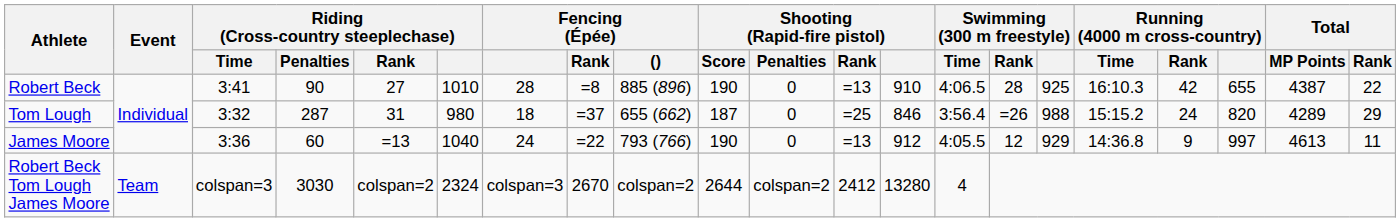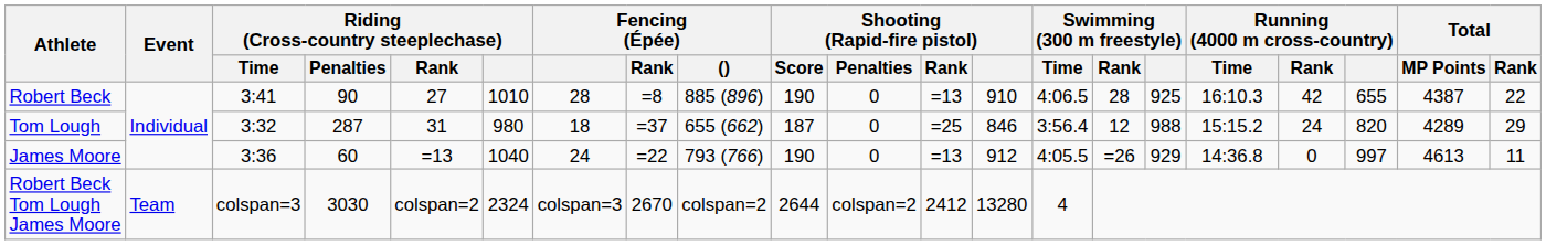 <table class=wikitable style=font-size:90%;text-align:center>
 <tr>
 <th rowspan=2>Athlete</th>
 <th rowspan=2>Event</th>
 <th colspan=4>Riding<br><span>(Cross-country steeplechase)</span></th>
 <th colspan=3>Fencing<br><span>(Épée)</span></th>
 <th colspan=4>Shooting<br><span>(Rapid-fire pistol)</span></th>
 <th colspan=3>Swimming<br><span>(300 m freestyle)</span></th>
 <th colspan=3>Running<br><span>(4000 m cross-country)</span></th>
 <th colspan=2>Total</th>
 </tr>
 <tr style=font-size:95%>
 <th>Time</th>
 <th>Penalties</th>
 <th>Rank</th>
 <th></th>
 <th></th>
 <th>Rank</th>
 <th> (<em></em>)</th>
 <th>Score</th>
 <th>Penalties</th>
 <th>Rank</th>
 <th></th>
 <th>Time</th>
 <th>Rank</th>
 <th></th>
 <th>Time</th>
 <th>Rank</th>
 <th></th>
 <th>MP Points</th>
 <th>Rank</th>
 </tr>
 <tr>
 <td align=left><a href='#'>Robert Beck</a></td>
 <td align=left rowspan=3><a href='#'>Individual</a></td>
 <td>3:41</td>
 <td>90</td>
 <td>27</td>
 <td>1010</td>
 <td>28</td>
 <td>=8</td>
 <td>885 (<em>896</em>)</td>
 <td>190</td>
 <td>0</td>
 <td>=13</td>
 <td>910</td>
 <td>4:06.5</td>
 <td>28</td>
 <td>925</td>
 <td>16:10.3</td>
 <td>42</td>
 <td>655</td>
 <td>4387</td>
 <td>22</td>
 </tr>
 <tr>
 <td align=left><a href='#'>Tom Lough</a></td>
 <td>3:32</td>
 <td>287</td>
 <td>31</td>
 <td>980</td>
 <td>18</td>
 <td>=37</td>
 <td>655 (<em>662</em>)</td>
 <td>187</td>
 <td>0</td>
 <td>=25</td>
 <td>846</td>
 <td>3:56.4</td>
-<td>=26</td>
+<td>12</td>
 <td>988</td>
 <td>15:15.2</td>
 <td>24</td>
 <td>820</td>
 <td>4289</td>
 <td>29</td>
 </tr>
 <tr>
 <td align=left><a href='#'>James Moore</a></td>
 <td>3:36</td>
 <td>60</td>
 <td>=13</td>
 <td>1040</td>
 <td>24</td>
 <td>=22</td>
 <td>793 (<em>766</em>)</td>
 <td>190</td>
 <td>0</td>
 <td>=13</td>
 <td>912</td>
 <td>4:05.5</td>
-<td>12</td>
+<td>=26</td>
 <td>929</td>
 <td>14:36.8</td>
-<td>9</td>
+<td>0</td>
 <td>997</td>
 <td>4613</td>
 <td>11</td>
 </tr>
 <tr>
 <td align=left><a href='#'>Robert Beck</a><br><a href='#'>Tom Lough</a><br><a href='#'>James Moore</a></td>
 <td align=left><a href='#'>Team</a></td>
 <td>colspan=3 </td>
 <td>3030</td>
 <td>colspan=2 </td>
 <td>2324</td>
 <td>colspan=3 </td>
 <td>2670</td>
 <td>colspan=2 </td>
 <td>2644</td>
 <td>colspan=2 </td>
 <td>2412</td>
 <td>13280</td>
 <td>4</td>
 </tr>
 </table>
